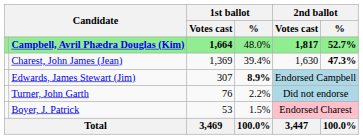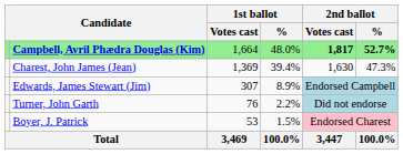 <table class="wikitable">
 <tr>
 <th rowspan="2" colspan="2">Candidate</th>
 <th colspan="2">1st ballot</th>
 <th colspan="2">2nd ballot</th>
 </tr>
 <tr>
 <th>Votes cast</th>
 <th>%</th>
 <th>Votes cast</th>
 <th>%</th>
 </tr>
 <tr style="background:lightgreen;">
 <td></td>
 <td><strong><a href='#'>Campbell, Avril Phædra Douglas (Kim)</a></strong></td>
-<td align="right"><strong>1,664</strong></td>
+<td align="right">1,664</td>
 <td align="right">48.0%</td>
 <td align="right"><strong>1,817</strong></td>
 <td align="right"><strong>52.7%</strong></td>
 </tr>
 <tr>
 <td></td>
 <td><a href='#'>Charest, John James (Jean)</a></td>
 <td align="right">1,369</td>
 <td align="right">39.4%</td>
 <td align="right">1,630</td>
-<td align="right"><strong>47.3%</strong></td>
+<td align="right">47.3%</td>
 </tr>
 <tr>
 <td></td>
 <td><a href='#'>Edwards, James Stewart (Jim)</a></td>
 <td align="right">307</td>
-<td align="right"><strong>8.9%</strong></td>
+<td align="right">8.9%</td>
 <td style="text-align:center; background:lightblue;" colspan="2">Endorsed Campbell</td>
 </tr>
 <tr>
 <td></td>
 <td><a href='#'>Turner, John Garth</a></td>
 <td align="right">76</td>
 <td align="right">2.2%</td>
 <td style="text-align:center; background:lightblue;" colspan="2">Did not endorse</td>
 </tr>
 <tr>
 <td></td>
 <td><a href='#'>Boyer, J. Patrick</a></td>
 <td align="right">53</td>
 <td align="right">1.5%</td>
 <td style="text-align:center; background:pink;" colspan="2">Endorsed Charest</td>
 </tr>
 <tr>
 <th colspan="2">Total</th>
 <th align="right">3,469</th>
 <th align="right">100.0%</th>
 <th align="right">3,447</th>
 <th align="right">100.0%</th>
 </tr>
 </table>
